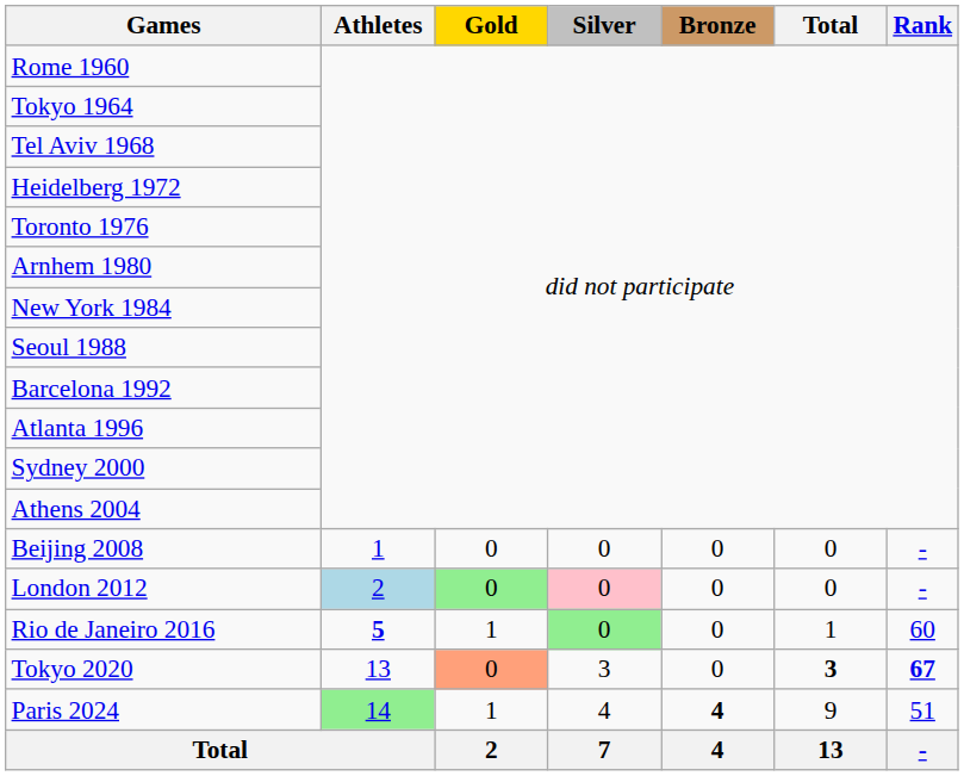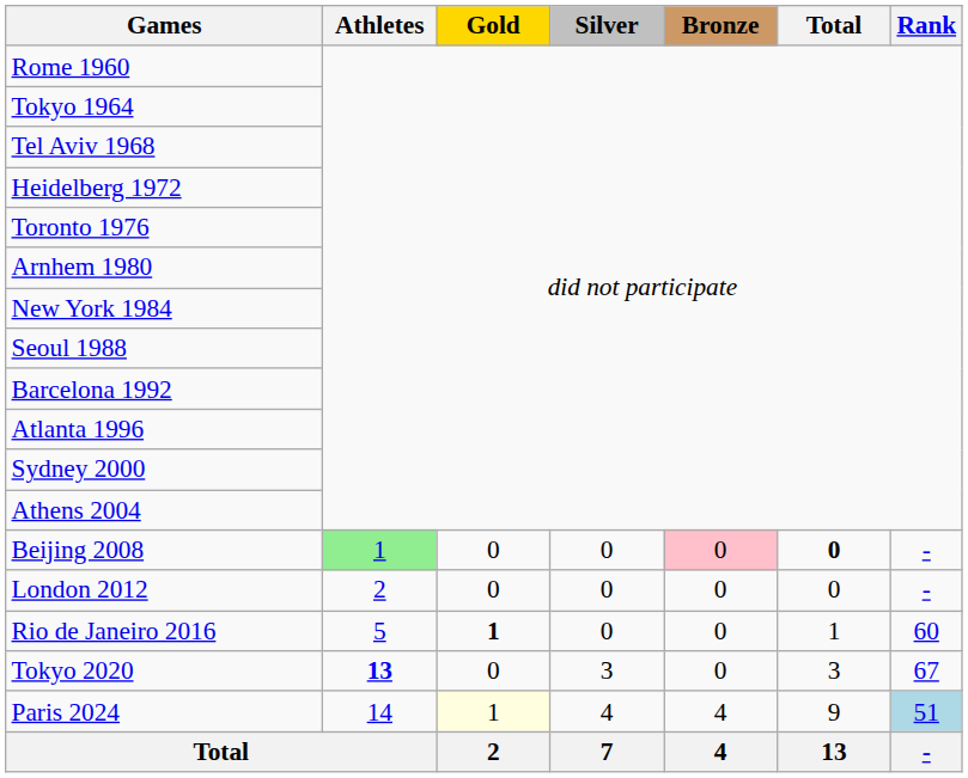 <table class="wikitable" style="text-align:center; font-size:100%;">
 <tr>
 <th style="width:12em;">Games</th>
 <th style="width:4em;">Athletes</th>
 <th style="width:4em; background:gold;">Gold</th>
 <th style="width:4em; background:silver;">Silver</th>
 <th style="width:4em; background:#cc9966;">Bronze</th>
 <th style="width:4em;">Total</th>
 <th style="width:2em;"><a href='#'>Rank</a></th>
 </tr>
 <tr>
 <td align=left> <a href='#'>Rome 1960</a></td>
 <td colspan=6 rowspan=12><em>did not participate</em></td>
 </tr>
 <tr>
 <td align=left> <a href='#'>Tokyo 1964</a></td>
 </tr>
 <tr>
 <td align=left> <a href='#'>Tel Aviv 1968</a></td>
 </tr>
 <tr>
 <td align=left> <a href='#'>Heidelberg 1972</a></td>
 </tr>
 <tr>
 <td align=left> <a href='#'>Toronto 1976</a></td>
 </tr>
 <tr>
 <td align=left> <a href='#'>Arnhem 1980</a></td>
 </tr>
 <tr>
 <td align=left> <a href='#'>New York 1984</a></td>
 </tr>
 <tr>
 <td align=left> <a href='#'>Seoul 1988</a></td>
 </tr>
 <tr>
 <td align=left> <a href='#'>Barcelona 1992</a></td>
 </tr>
 <tr>
 <td align=left> <a href='#'>Atlanta 1996</a></td>
 </tr>
 <tr>
 <td align=left> <a href='#'>Sydney 2000</a></td>
 </tr>
 <tr>
 <td align=left> <a href='#'>Athens 2004</a></td>
 </tr>
 <tr>
 <td align=left> <a href='#'>Beijing 2008</a></td>
-<td><a href='#'>1</a></td>
+<td style="background: lightgreen;"><a href='#'>1</a></td>
+<td>0</td>
+<td>0</td>
+<td style="background: pink;">0</td>
+<td><strong>0</strong></td>
+<td><a href='#'>-</a></td>
+</tr>
+<tr>
+<td align=left> <a href='#'>London 2012</a></td>
+<td><a href='#'>2</a></td>
 <td>0</td>
 <td>0</td>
 <td>0</td>
 <td>0</td>
 <td><a href='#'>-</a></td>
 </tr>
 <tr>
-<td align=left> <a href='#'>London 2012</a></td>
-<td style="background: lightblue;"><a href='#'>2</a></td>
-<td style="background: lightgreen;">0</td>
-<td style="background: pink;">0</td>
+<td align=left> <a href='#'>Rio de Janeiro 2016</a></td>
+<td><a href='#'>5</a></td>
+<td><strong>1</strong></td>
 <td>0</td>
-<td>0</td>
-<td><a href='#'>-</a></td>
-</tr>
-<tr>
-<td align=left> <a href='#'>Rio de Janeiro 2016</a></td>
-<td><strong><a href='#'>5</a></strong></td>
-<td>1</td>
-<td style="background: lightgreen;">0</td>
 <td>0</td>
 <td>1</td>
 <td><a href='#'>60</a></td>
 </tr>
 <tr>
 <td align=left> <a href='#'>Tokyo 2020</a></td>
-<td><a href='#'>13</a></td>
-<td style="background: lightsalmon;">0</td>
+<td><strong><a href='#'>13</a></strong></td>
+<td>0</td>
 <td>3</td>
 <td>0</td>
-<td><strong>3</strong></td>
-<td><strong><a href='#'>67</a></strong></td>
+<td>3</td>
+<td><a href='#'>67</a></td>
 </tr>
 <tr>
 <td align=left> <a href='#'>Paris 2024</a></td>
-<td style="background: lightgreen;"><a href='#'>14</a></td>
-<td>1</td>
+<td><a href='#'>14</a></td>
+<td style="background: lightyellow;">1</td>
 <td>4</td>
-<td><strong>4</strong></td>
+<td>4</td>
 <td>9</td>
-<td><a href='#'>51</a></td>
+<td style="background: lightblue;"><a href='#'>51</a></td>
 </tr>
 <tr>
 <th colspan=2>Total</th>
 <th>2</th>
 <th>7</th>
 <th>4</th>
 <th>13</th>
 <th><a href='#'>-</a></th>
 </tr>
 </table>
